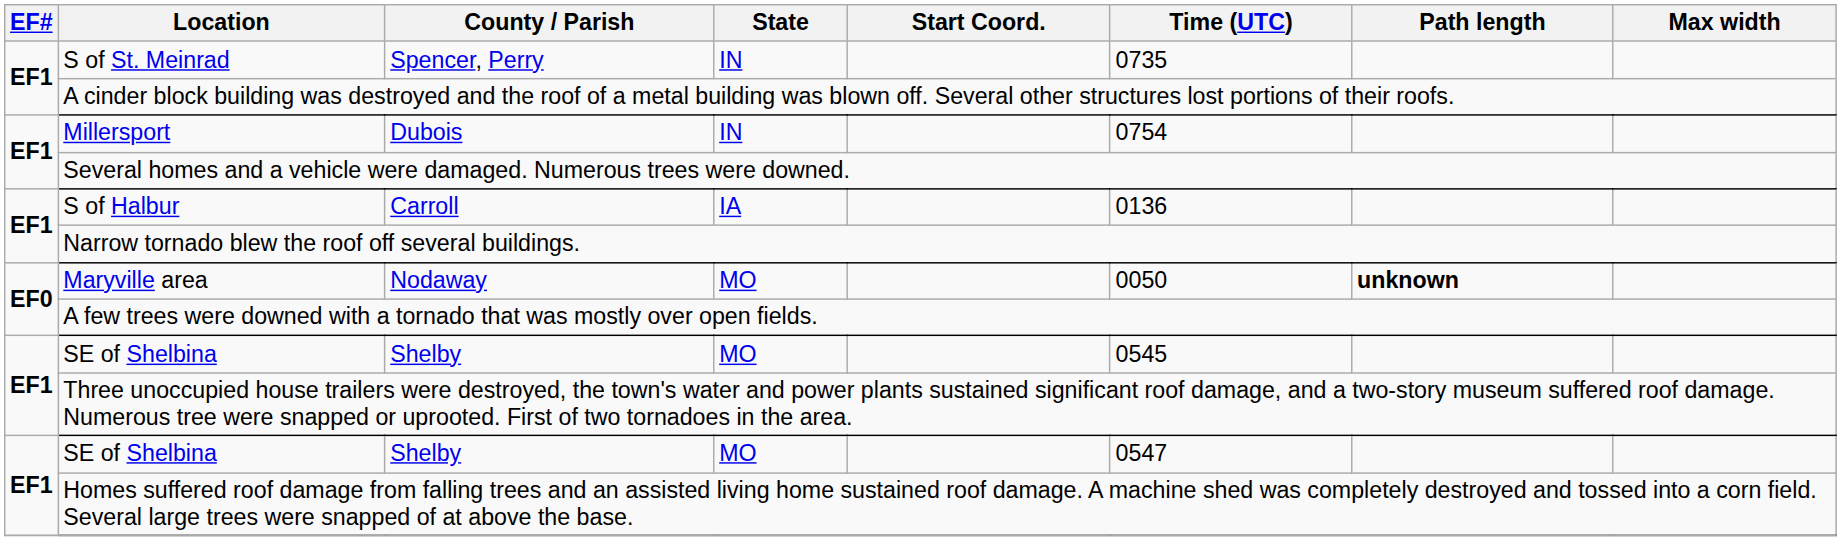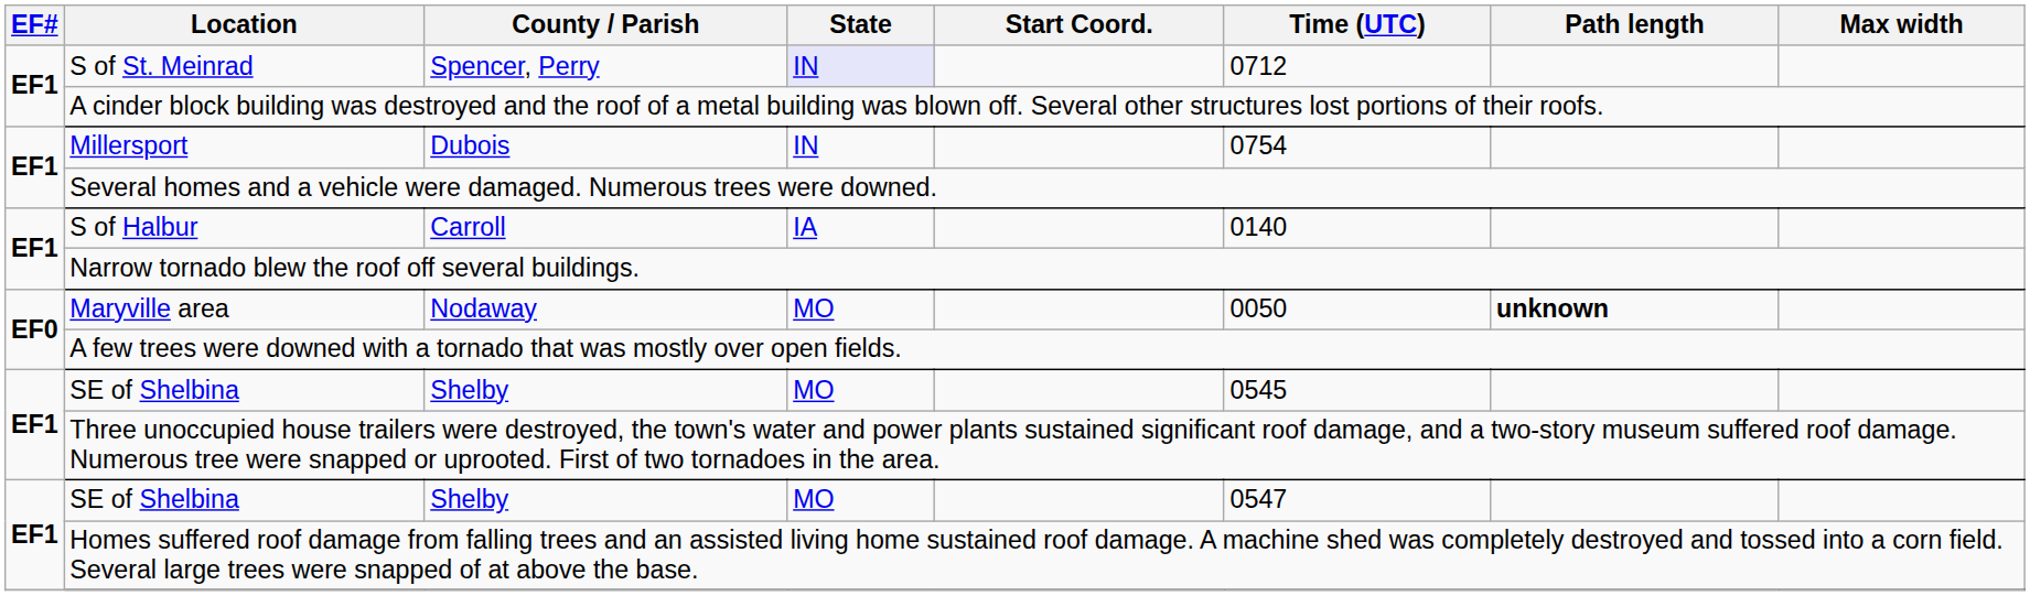 <table class="wikitable sortable" style="width:100%;">
 <tr>
 <th scope="col" width="2%" align="center"><a href='#'>EF#</a></th>
 <th scope="col" align="center" class="unsortable">Location</th>
 <th scope="col" align="center" class="unsortable">County / Parish</th>
 <th scope="col" align="center">State</th>
 <th scope="col" align="center" data-sort-type="number">Start Coord.</th>
 <th scope="col" align="center" data-sort-type="number">Time (<a href='#'>UTC</a>)</th>
 <th scope="col" align="center" data-sort-type="number">Path length</th>
 <th scope="col" align="center" data-sort-type="number">Max width</th>
 </tr>
 <tr>
 <td rowspan="2" align="center"><strong>EF1</strong></td>
 <td>S of <a href='#'>St. Meinrad</a></td>
 <td><a href='#'>Spencer</a>, <a href='#'>Perry</a></td>
-<td><a href='#'>IN</a></td>
+<td style="background: lavender;"><a href='#'>IN</a></td>
 <td></td>
-<td>0735</td>
+<td>0712</td>
 <td></td>
 <td></td>
 </tr>
 <tr class="expand-child">
 <td colspan="8" style=" border-bottom: 1px solid black;">A cinder block building was destroyed and the roof of a metal building was blown off. Several other structures lost portions of their roofs.</td>
 </tr>
 <tr>
 <td rowspan="2" align="center"><strong>EF1</strong></td>
 <td><a href='#'>Millersport</a></td>
 <td><a href='#'>Dubois</a></td>
 <td><a href='#'>IN</a></td>
 <td></td>
 <td>0754</td>
 <td></td>
 <td></td>
 </tr>
 <tr class="expand-child">
 <td colspan="8" style=" border-bottom: 1px solid black;">Several homes and a vehicle were damaged. Numerous trees were downed.</td>
 </tr>
 <tr>
 <td rowspan="2" align="center"><strong>EF1</strong></td>
 <td>S of <a href='#'>Halbur</a></td>
 <td><a href='#'>Carroll</a></td>
 <td><a href='#'>IA</a></td>
 <td></td>
-<td>0136</td>
+<td>0140</td>
 <td></td>
 <td></td>
 </tr>
 <tr class="expand-child">
 <td colspan="8" style=" border-bottom: 1px solid black;">Narrow tornado blew the roof off several buildings.</td>
 </tr>
 <tr>
 <td rowspan="2" align="center"><strong>EF0</strong></td>
 <td><a href='#'>Maryville</a> area</td>
 <td><a href='#'>Nodaway</a></td>
 <td><a href='#'>MO</a></td>
 <td></td>
 <td>0050</td>
 <td><strong>unknown</strong></td>
 <td></td>
 </tr>
 <tr class="expand-child">
 <td colspan="8" style=" border-bottom: 1px solid black;">A few trees were downed with a tornado that was mostly over open fields.</td>
 </tr>
 <tr>
 <td rowspan="2" align="center"><strong>EF1</strong></td>
 <td>SE of <a href='#'>Shelbina</a></td>
 <td><a href='#'>Shelby</a></td>
 <td><a href='#'>MO</a></td>
 <td></td>
 <td>0545</td>
 <td></td>
 <td></td>
 </tr>
 <tr class="expand-child">
 <td colspan="8" style=" border-bottom: 1px solid black;">Three unoccupied house trailers were destroyed, the town's water and power plants sustained significant roof damage, and a two-story museum suffered roof damage. Numerous tree were snapped or uprooted. First of two tornadoes in the area.</td>
 </tr>
 <tr>
 <td rowspan="2" align="center"><strong>EF1</strong></td>
 <td>SE of <a href='#'>Shelbina</a></td>
 <td><a href='#'>Shelby</a></td>
 <td><a href='#'>MO</a></td>
 <td></td>
 <td>0547</td>
 <td></td>
 <td></td>
 </tr>
 <tr class="expand-child">
 <td colspan="8" style=" border-bottom: 1px solid black;">Homes suffered roof damage from falling trees and an assisted living home sustained roof damage. A machine shed was completely destroyed and tossed into a corn field. Several large trees were snapped of at  above the base.</td>
 </tr>
 <tr>
 </tr>
 </table>
